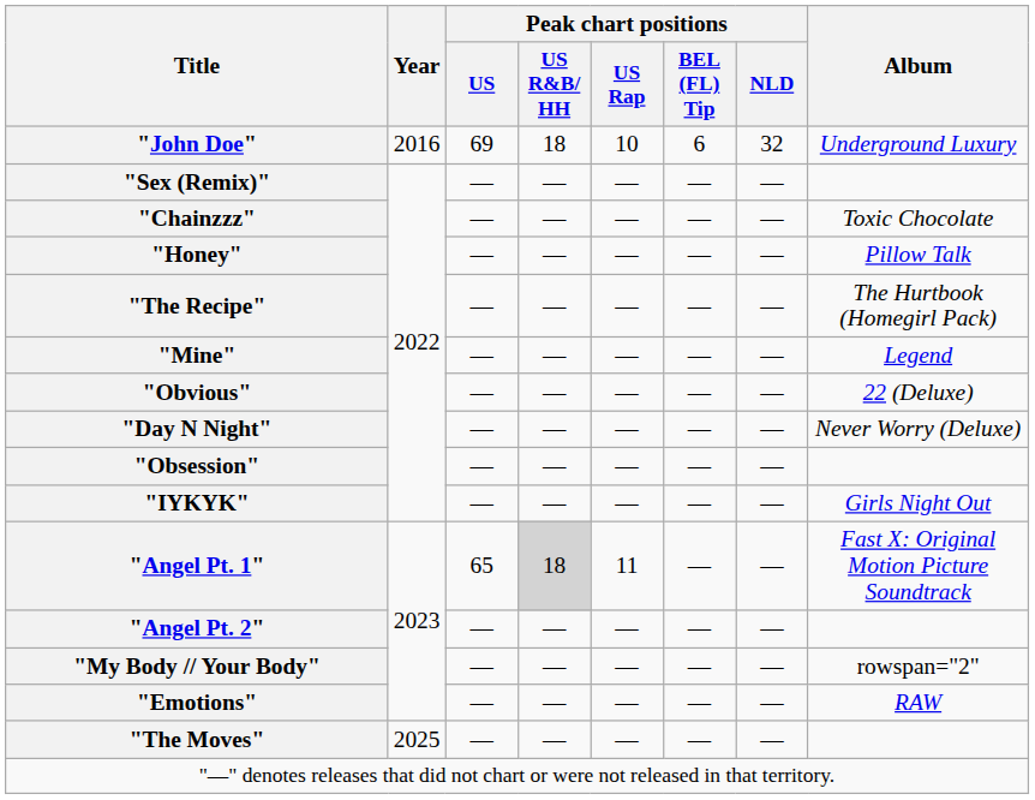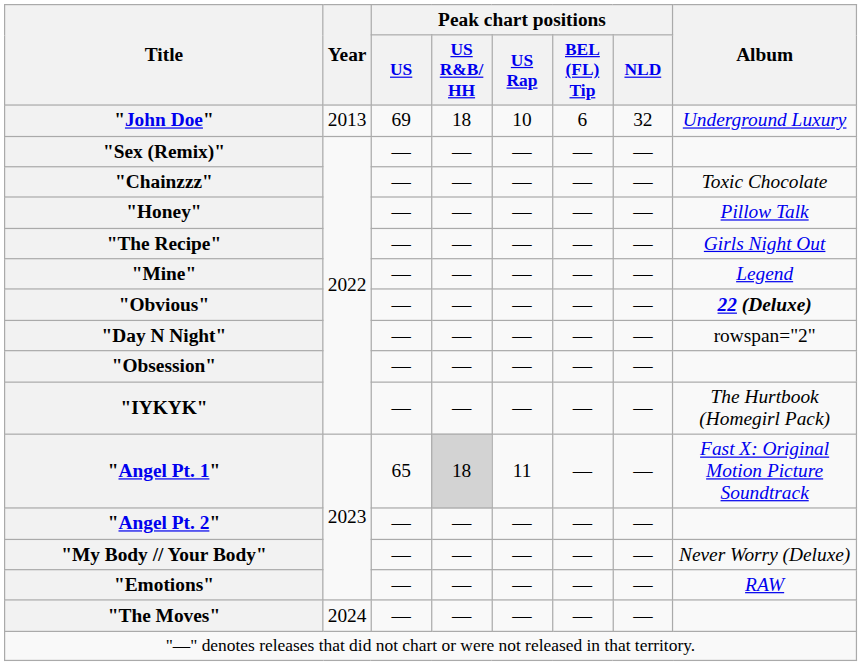 <table class="wikitable plainrowheaders" style="text-align:center;" border="1">
 <tr>
 <th scope="col" rowspan="2" style="width:16em;">Title</th>
 <th scope="col" rowspan="2">Year</th>
 <th scope="col" colspan="5">Peak chart positions</th>
 <th scope="col" rowspan="2" style="width:9em;">Album</th>
 </tr>
 <tr>
 <th scope="col" style="width:3em;font-size:90%;"><a href='#'>US</a><br></th>
 <th scope="col" style="width:3em;font-size:90%;"><a href='#'>US<br>R&B/<br>HH</a><br></th>
 <th scope="col" style="width:3em;font-size:90%;"><a href='#'>US<br>Rap</a><br></th>
 <th scope="col" style="width:3em;font-size:90%;"><a href='#'>BEL<br>(FL)<br>Tip</a><br></th>
 <th scope="col" style="width:3em;font-size:90%;"><a href='#'>NLD</a><br></th>
 </tr>
 <tr>
 <th scope="row">"<a href='#'>John Doe</a>"<br></th>
-<td>2016</td>
+<td>2013</td>
 <td>69</td>
 <td>18</td>
 <td>10</td>
 <td>6</td>
 <td>32</td>
 <td><em><a href='#'>Underground Luxury</a></em></td>
 </tr>
 <tr>
 <th scope="row">"Sex (Remix)"<br></th>
 <td rowspan="9">2022</td>
 <td>—</td>
 <td>—</td>
 <td>—</td>
 <td>—</td>
 <td>—</td>
 <td></td>
 </tr>
 <tr>
 <th scope="row">"Chainzzz"<br></th>
 <td>—</td>
 <td>—</td>
 <td>—</td>
 <td>—</td>
 <td>—</td>
 <td><em>Toxic Chocolate</em></td>
 </tr>
 <tr>
 <th scope="row">"Honey"<br></th>
 <td>—</td>
 <td>—</td>
 <td>—</td>
 <td>—</td>
 <td>—</td>
 <td><em><a href='#'>Pillow Talk</a></em></td>
 </tr>
 <tr>
 <th scope="row">"The Recipe"<br></th>
 <td>—</td>
 <td>—</td>
 <td>—</td>
 <td>—</td>
 <td>—</td>
-<td><em>The Hurtbook (Homegirl Pack)</em></td>
+<td><em><a href='#'>Girls Night Out</a></em></td>
 </tr>
 <tr>
 <th scope="row">"Mine"<br></th>
 <td>—</td>
 <td>—</td>
 <td>—</td>
 <td>—</td>
 <td>—</td>
 <td><em><a href='#'>Legend</a></em></td>
 </tr>
 <tr>
 <th scope="row">"Obvious"<br></th>
 <td>—</td>
 <td>—</td>
 <td>—</td>
 <td>—</td>
 <td>—</td>
-<td><em><a href='#'>22</a> (Deluxe)</em></td>
+<td><strong><em><a href='#'>22</a> (Deluxe)</em></strong></td>
 </tr>
 <tr>
 <th scope="row">"Day N Night"<br></th>
 <td>—</td>
 <td>—</td>
 <td>—</td>
 <td>—</td>
 <td>—</td>
-<td><em>Never Worry (Deluxe)</em></td>
+<td>rowspan="2" </td>
 </tr>
 <tr>
 <th scope="row">"Obsession"<br></th>
 <td>—</td>
 <td>—</td>
 <td>—</td>
 <td>—</td>
 <td>—</td>
 </tr>
 <tr>
 <th scope="row">"IYKYK"<br></th>
 <td>—</td>
 <td>—</td>
 <td>—</td>
 <td>—</td>
 <td>—</td>
-<td><em><a href='#'>Girls Night Out</a></em></td>
+<td><em>The Hurtbook (Homegirl Pack)</em></td>
 </tr>
 <tr>
 <th scope="row">"<a href='#'>Angel Pt. 1</a>"<br></th>
 <td rowspan="4">2023</td>
 <td>65</td>
 <td style="background: lightgrey;">18</td>
 <td>11</td>
 <td>—</td>
 <td>—</td>
 <td><em><a href='#'>Fast X: Original Motion Picture Soundtrack</a></em></td>
 </tr>
 <tr>
 <th scope="row">"<a href='#'>Angel Pt. 2</a>"<br></th>
 <td>—</td>
 <td>—</td>
 <td>—</td>
 <td>—</td>
 <td>—</td>
 <td></td>
 </tr>
 <tr>
 <th scope="row">"My Body // Your Body"<br></th>
 <td>—</td>
 <td>—</td>
 <td>—</td>
 <td>—</td>
 <td>—</td>
-<td>rowspan="2" </td>
+<td><em>Never Worry (Deluxe)</em></td>
 </tr>
 <tr>
 <th scope="row">"Emotions"<br></th>
 <td>—</td>
 <td>—</td>
 <td>—</td>
 <td>—</td>
 <td>—</td>
 <td><em><a href='#'>RAW</a></em></td>
 </tr>
 <tr>
 <th scope="row">"The Moves"<br></th>
-<td>2025</td>
+<td>2024</td>
 <td>—</td>
 <td>—</td>
 <td>—</td>
 <td>—</td>
 <td>—</td>
 <td></td>
 </tr>
 <tr>
 <td colspan="14" style="font-size:90%">"—" denotes releases that did not chart or were not released in that territory.</td>
 </tr>
 </table>
